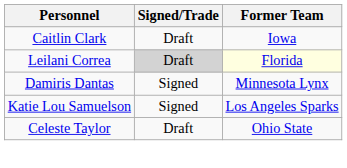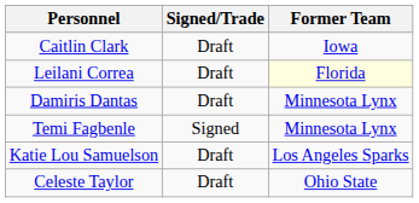 <table class="wikitable" style="text-align: center">
 <tr align="center" bgcolor="#dddddd">
 <th><strong>Personnel</strong></th>
 <th><strong>Signed/Trade</strong></th>
 <th><strong>Former Team</strong></th>
 </tr>
 <tr>
 <td><a href='#'>Caitlin Clark</a></td>
 <td>Draft</td>
 <td><a href='#'>Iowa</a></td>
 </tr>
 <tr>
 <td><a href='#'>Leilani Correa</a></td>
-<td style="background: lightgrey;">Draft</td>
+<td>Draft</td>
 <td style="background: lightyellow;"><a href='#'>Florida</a></td>
 </tr>
 <tr>
 <td><a href='#'>Damiris Dantas</a></td>
+<td>Draft</td>
+<td><a href='#'>Minnesota Lynx</a></td>
+</tr>
+<tr>
+<td><a href='#'>Temi Fagbenle</a></td>
 <td>Signed</td>
 <td><a href='#'>Minnesota Lynx</a></td>
 </tr>
 <tr>
 <td><a href='#'>Katie Lou Samuelson</a></td>
-<td>Signed</td>
+<td>Draft</td>
 <td><a href='#'>Los Angeles Sparks</a></td>
 </tr>
 <tr>
 <td><a href='#'>Celeste Taylor</a></td>
 <td>Draft</td>
 <td><a href='#'>Ohio State</a></td>
 </tr>
 </table>
